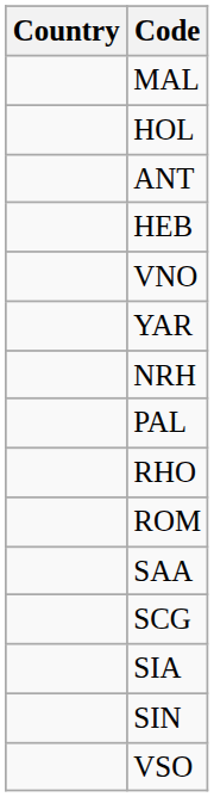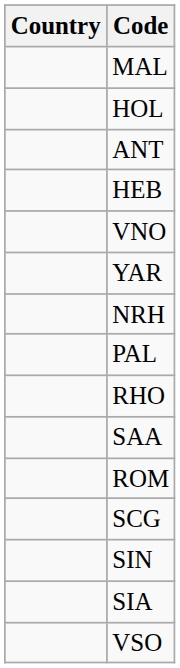 <table class="wikitable" style="font-size:90%; display:inline-table;">
 <tr>
 <th>Country</th>
 <th>Code</th>
 </tr>
 <tr>
 <td></td>
 <td>MAL</td>
 </tr>
 <tr>
 <td></td>
 <td>HOL</td>
 </tr>
 <tr>
 <td></td>
 <td>ANT</td>
 </tr>
 <tr>
 <td></td>
 <td>HEB</td>
 </tr>
 <tr>
 <td></td>
 <td>VNO</td>
 </tr>
 <tr>
 <td></td>
 <td>YAR</td>
 </tr>
 <tr>
 <td></td>
 <td>NRH</td>
 </tr>
 <tr>
 <td></td>
 <td>PAL</td>
 </tr>
 <tr>
 <td></td>
 <td>RHO</td>
 </tr>
 <tr>
 <td></td>
-<td>ROM</td>
+<td>SAA</td>
 </tr>
 <tr>
 <td></td>
-<td>SAA</td>
+<td>ROM</td>
 </tr>
 <tr>
 <td></td>
 <td>SCG</td>
 </tr>
 <tr>
 <td></td>
-<td>SIA</td>
+<td>SIN</td>
 </tr>
 <tr>
 <td></td>
-<td>SIN</td>
+<td>SIA</td>
 </tr>
 <tr>
 <td></td>
 <td>VSO</td>
 </tr>
 </table>
